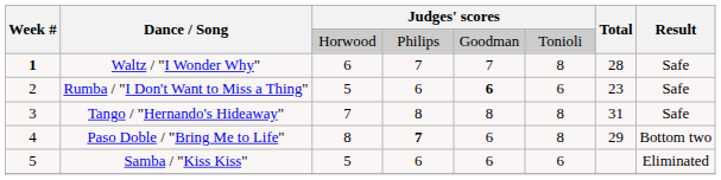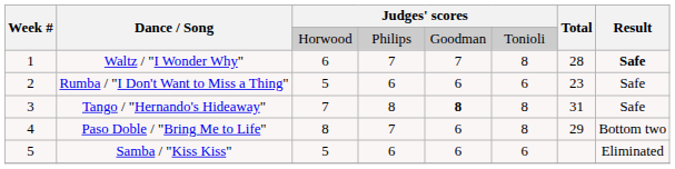 <table class="wikitable collapsible collapsed">
 <tr style="text-align:Center; background:#ccc;">
 <th rowspan="2">Week #</th>
 <th rowspan="2">Dance / Song</th>
 <th colspan="4">Judges' scores</th>
 <th rowspan="2">Total</th>
 <th rowspan="2">Result</th>
 </tr>
 <tr style="text-align:center; background:#ccc;">
 <td style="width:10%; ">Horwood</td>
 <td style="width:10%; ">Philips</td>
 <td style="width:10%; ">Goodman</td>
 <td style="width:10%; ">Tonioli</td>
 </tr>
 <tr style="text-align: center; background:#faf6f6;">
-<td><strong>1</strong></td>
+<td>1</td>
 <td><a href='#'>Waltz</a> / "<a href='#'>I Wonder Why</a>"</td>
 <td>6</td>
 <td>7</td>
 <td>7</td>
 <td>8</td>
 <td>28</td>
-<td>Safe</td>
+<td><strong>Safe</strong></td>
 </tr>
 <tr style="text-align: center; background:#faf6f6;">
 <td>2</td>
 <td><a href='#'>Rumba</a> / "<a href='#'>I Don't Want to Miss a Thing</a>"</td>
 <td>5</td>
 <td>6</td>
-<td><strong>6</strong></td>
+<td>6</td>
 <td>6</td>
 <td>23</td>
 <td>Safe</td>
 </tr>
 <tr style="text-align: center; background:#faf6f6;">
 <td>3</td>
 <td><a href='#'>Tango</a> / "<a href='#'>Hernando's Hideaway</a>"</td>
 <td>7</td>
 <td>8</td>
-<td>8</td>
+<td><strong>8</strong></td>
 <td>8</td>
 <td>31</td>
 <td>Safe</td>
 </tr>
 <tr style="text-align: center; background:#faf6f6;">
 <td>4</td>
 <td><a href='#'>Paso Doble</a> / "<a href='#'>Bring Me to Life</a>"</td>
 <td>8</td>
-<td><strong>7</strong></td>
+<td>7</td>
 <td>6</td>
 <td>8</td>
 <td>29</td>
 <td>Bottom two</td>
 </tr>
 <tr style="text-align: center; background:#faf6f6;">
 <td>5</td>
 <td><a href='#'>Samba</a> / "<a href='#'>Kiss Kiss</a>"</td>
 <td>5</td>
 <td>6</td>
 <td>6</td>
 <td>6</td>
 <td></td>
 <td>Eliminated</td>
 </tr>
 <tr style="text-align: center; background:#faf6f6;">
 </tr>
 <tr>
 </tr>
 </table>
